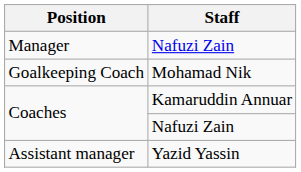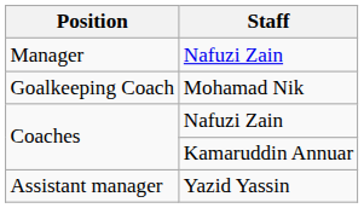 <table class="wikitable">
 <tr>
 <th>Position</th>
 <th>Staff</th>
 </tr>
 <tr>
 <td>Manager</td>
 <td> <a href='#'>Nafuzi Zain</a></td>
 </tr>
 <tr>
 <td>Goalkeeping Coach</td>
 <td> Mohamad Nik</td>
 </tr>
 <tr>
 <td rowspan="2">Coaches</td>
-<td> Kamaruddin Annuar</td>
+<td> Nafuzi Zain</td>
 </tr>
 <tr>
-<td> Nafuzi Zain</td>
+<td> Kamaruddin Annuar</td>
 </tr>
 <tr>
 <td>Assistant manager</td>
 <td> Yazid Yassin</td>
 </tr>
 </table>
